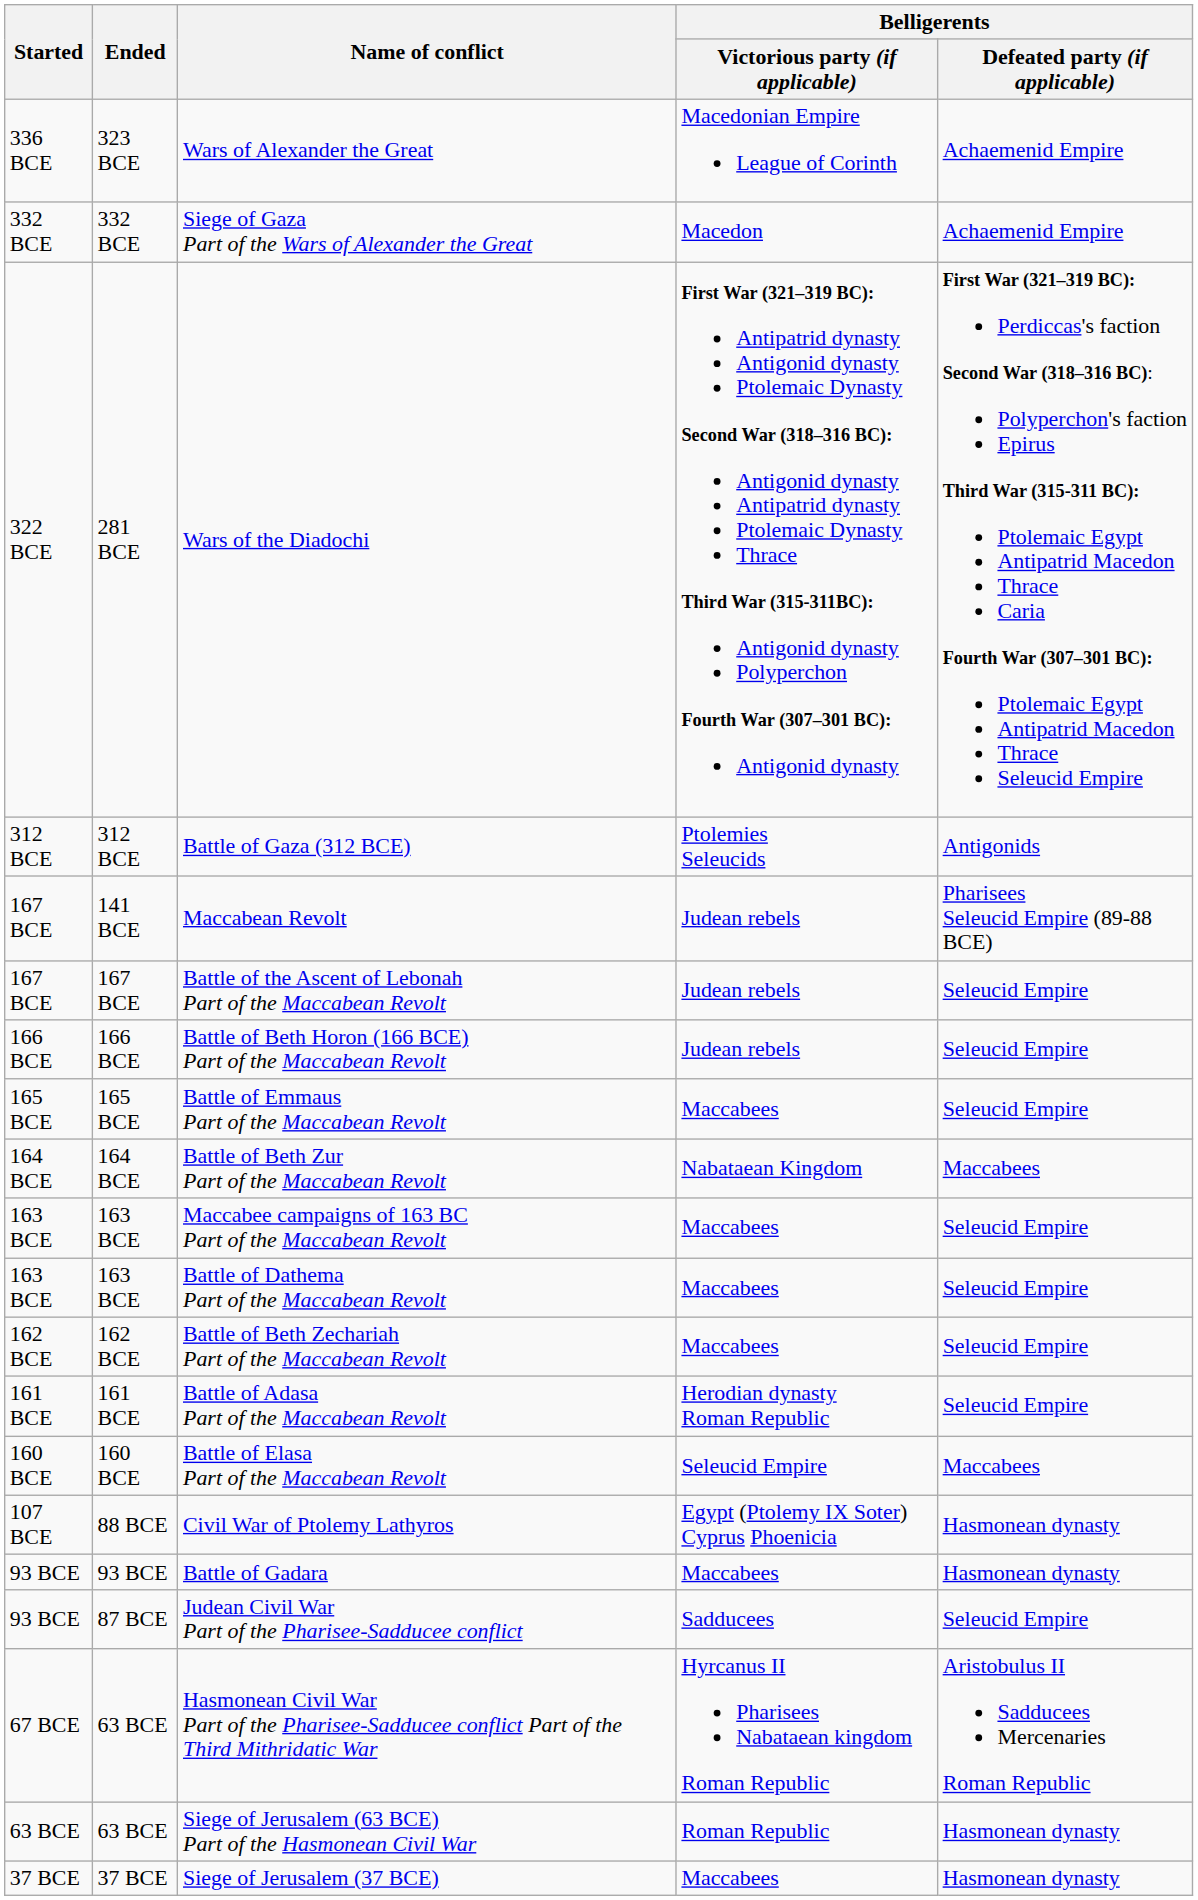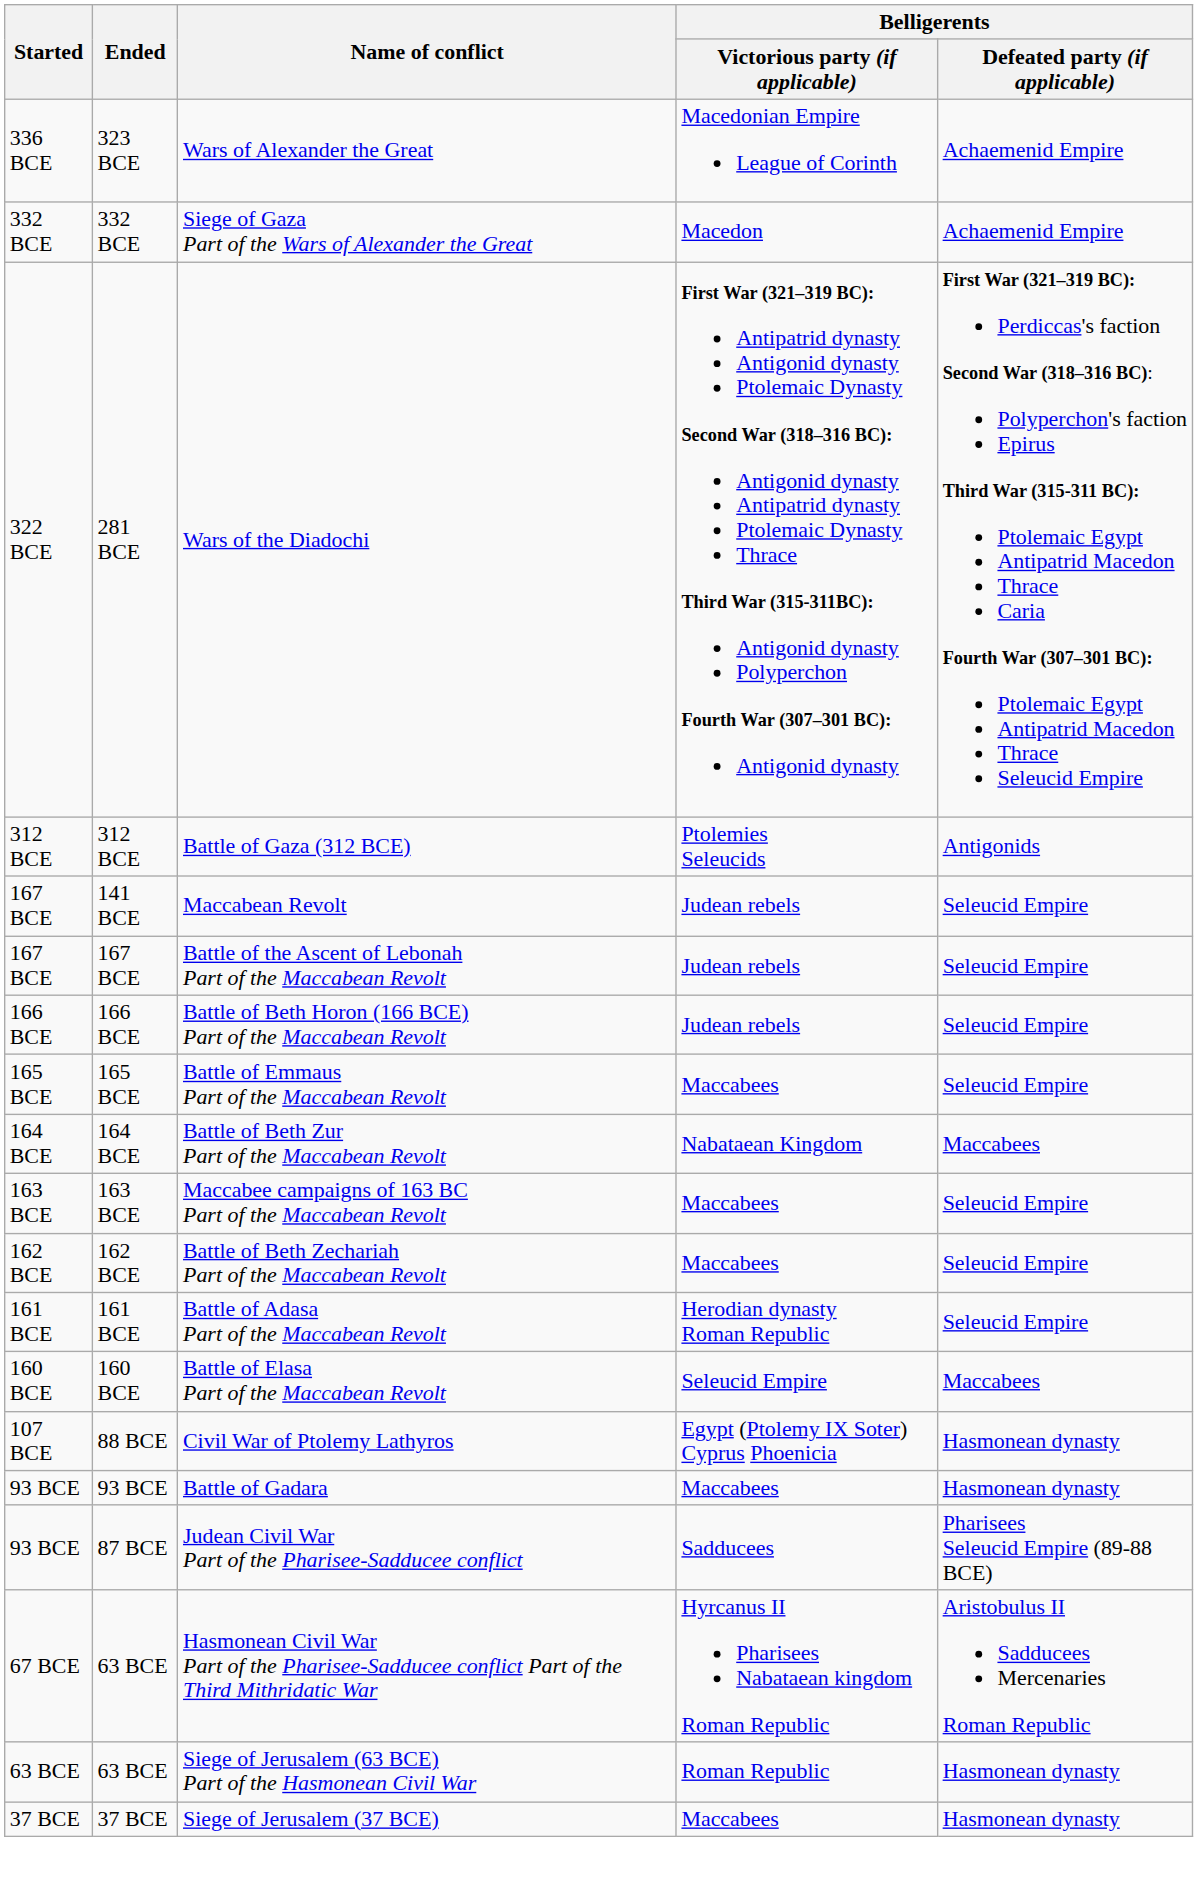 <table class="wikitable">
 <tr>
 <th rowspan="2">Started</th>
 <th rowspan="2">Ended</th>
 <th rowspan="2">Name of conflict</th>
 <th colspan="2">Belligerents</th>
 </tr>
 <tr>
 <th>Victorious party <em>(if applicable)</em></th>
 <th>Defeated party <em>(if applicable)</em></th>
 </tr>
 <tr>
 <td>336 BCE</td>
 <td>323 BCE</td>
 <td><a href='#'>Wars of Alexander the Great</a></td>
 <td><a href='#'>Macedonian Empire</a><br><ul><li><a href='#'>League of Corinth</a></li></ul></td>
 <td><a href='#'>Achaemenid Empire</a></td>
 </tr>
 <tr>
 <td>332 BCE</td>
 <td>332 BCE</td>
 <td><a href='#'>Siege of Gaza</a><br><em>Part of the <a href='#'>Wars of Alexander the Great</a></em></td>
 <td><a href='#'>Macedon</a></td>
 <td><a href='#'>Achaemenid Empire</a></td>
 </tr>
 <tr>
 <td>322 BCE</td>
 <td>281 BCE</td>
 <td><a href='#'>Wars of the Diadochi</a></td>
 <td><small><strong>First War (321–319 BC):</strong></small><br><ul><li><a href='#'>Antipatrid dynasty</a></li><li><a href='#'>Antigonid dynasty</a></li><li><a href='#'>Ptolemaic Dynasty</a></li></ul><small><strong>Second War (318–316 BC):</strong></small><ul><li><a href='#'>Antigonid dynasty</a></li><li><a href='#'>Antipatrid dynasty</a></li><li><a href='#'>Ptolemaic Dynasty</a></li><li><a href='#'>Thrace</a></li></ul><small><strong>Third War (315-311BC):</strong></small><ul><li><a href='#'>Antigonid dynasty</a></li><li><a href='#'>Polyperchon</a></li></ul><small><strong>Fourth War (307–301 BC):</strong></small><ul><li><a href='#'>Antigonid dynasty</a></li></ul></td>
 <td><small><strong>First War (321–319 BC):</strong></small><br><ul><li><a href='#'>Perdiccas</a>'s faction</li></ul><small><strong>Second War (318–316 BC)</strong>:</small><ul><li><a href='#'>Polyperchon</a>'s faction</li><li><a href='#'>Epirus</a></li></ul><small><strong>Third War (315-311 BC):</strong></small><ul><li><a href='#'>Ptolemaic Egypt</a></li><li><a href='#'>Antipatrid Macedon</a></li><li><a href='#'>Thrace</a></li><li><a href='#'>Caria</a></li></ul><small><strong>Fourth War (307–301 BC):</strong></small><ul><li><a href='#'>Ptolemaic Egypt</a></li><li><a href='#'>Antipatrid Macedon</a></li><li><a href='#'>Thrace</a></li><li><a href='#'>Seleucid Empire</a></li></ul></td>
 </tr>
 <tr>
 <td>312 BCE</td>
 <td>312 BCE</td>
 <td><a href='#'>Battle of Gaza (312 BCE)</a></td>
 <td><a href='#'>Ptolemies</a><br><a href='#'>Seleucids</a></td>
 <td><a href='#'>Antigonids</a></td>
 </tr>
 <tr>
 <td>167 BCE</td>
 <td>141 BCE</td>
 <td><a href='#'>Maccabean Revolt</a></td>
 <td><a href='#'>Judean rebels</a></td>
-<td><a href='#'>Pharisees</a><br><a href='#'>Seleucid Empire</a> (89-88 BCE)</td>
+<td><a href='#'>Seleucid Empire</a></td>
 </tr>
 <tr>
 <td>167 BCE</td>
 <td>167 BCE</td>
 <td><a href='#'>Battle of the Ascent of Lebonah</a><br><em>Part of the <a href='#'>Maccabean Revolt</a></em></td>
 <td><a href='#'>Judean rebels</a></td>
 <td><a href='#'>Seleucid Empire</a></td>
 </tr>
 <tr>
 <td>166 BCE</td>
 <td>166 BCE</td>
 <td><a href='#'>Battle of Beth Horon (166 BCE)</a><br><em>Part of the <a href='#'>Maccabean Revolt</a></em></td>
 <td><a href='#'>Judean rebels</a></td>
 <td><a href='#'>Seleucid Empire</a></td>
 </tr>
 <tr>
 <td>165 BCE</td>
 <td>165 BCE</td>
 <td><a href='#'>Battle of Emmaus</a><br><em>Part of the <a href='#'>Maccabean Revolt</a></em></td>
 <td><a href='#'>Maccabees</a></td>
 <td><a href='#'>Seleucid Empire</a></td>
 </tr>
 <tr>
 <td>164 BCE</td>
 <td>164 BCE</td>
 <td><a href='#'>Battle of Beth Zur</a><br><em>Part of the <a href='#'>Maccabean Revolt</a></em></td>
 <td><a href='#'>Nabataean Kingdom</a></td>
 <td><a href='#'>Maccabees</a></td>
 </tr>
 <tr>
 <td>163 BCE</td>
 <td>163 BCE</td>
 <td><a href='#'>Maccabee campaigns of 163 BC</a><br><em>Part of the <a href='#'>Maccabean Revolt</a></em></td>
-<td><a href='#'>Maccabees</a></td>
-<td><a href='#'>Seleucid Empire</a></td>
-</tr>
-<tr>
-<td>163 BCE</td>
-<td>163 BCE</td>
-<td><a href='#'>Battle of Dathema</a><br><em>Part of the <a href='#'>Maccabean Revolt</a></em></td>
 <td><a href='#'>Maccabees</a></td>
 <td><a href='#'>Seleucid Empire</a></td>
 </tr>
 <tr>
 <td>162 BCE</td>
 <td>162 BCE</td>
 <td><a href='#'>Battle of Beth Zechariah</a><br><em>Part of the <a href='#'>Maccabean Revolt</a></em></td>
 <td><a href='#'>Maccabees</a></td>
 <td><a href='#'>Seleucid Empire</a></td>
 </tr>
 <tr>
 <td>161 BCE</td>
 <td>161 BCE</td>
 <td><a href='#'>Battle of Adasa</a><br><em>Part of the <a href='#'>Maccabean Revolt</a></em></td>
 <td><a href='#'>Herodian dynasty</a><br><a href='#'>Roman Republic</a></td>
 <td><a href='#'>Seleucid Empire</a></td>
 </tr>
 <tr>
 <td>160 BCE</td>
 <td>160 BCE</td>
 <td><a href='#'>Battle of Elasa</a><br><em>Part of the <a href='#'>Maccabean Revolt</a></em></td>
 <td><a href='#'>Seleucid Empire</a></td>
 <td><a href='#'>Maccabees</a></td>
 </tr>
 <tr>
 <td>107 BCE</td>
 <td>88 BCE</td>
 <td><a href='#'>Civil War of Ptolemy Lathyros</a></td>
 <td><a href='#'>Egypt</a> (<a href='#'>Ptolemy IX Soter</a>)<br><a href='#'>Cyprus</a> <a href='#'>Phoenicia</a></td>
 <td><a href='#'>Hasmonean dynasty</a></td>
 </tr>
 <tr>
 <td>93 BCE</td>
 <td>93 BCE</td>
 <td><a href='#'>Battle of Gadara</a></td>
 <td><a href='#'>Maccabees</a></td>
 <td><a href='#'>Hasmonean dynasty</a></td>
 </tr>
 <tr>
 <td>93 BCE</td>
 <td>87 BCE</td>
 <td><a href='#'>Judean Civil War</a><br><em>Part of the <a href='#'>Pharisee-Sadducee conflict</a></em></td>
 <td><a href='#'>Sadducees</a></td>
-<td><a href='#'>Seleucid Empire</a></td>
+<td><a href='#'>Pharisees</a><br><a href='#'>Seleucid Empire</a> (89-88 BCE)</td>
 </tr>
 <tr>
 <td>67 BCE</td>
 <td>63 BCE</td>
 <td><a href='#'>Hasmonean Civil War</a><br><em>Part of the <a href='#'>Pharisee-Sadducee conflict</a></em> <em>Part of the <a href='#'>Third Mithridatic War</a></em></td>
 <td><a href='#'>Hyrcanus II</a><br><ul><li><a href='#'>Pharisees</a></li><li><a href='#'>Nabataean kingdom</a></li></ul> <a href='#'>Roman Republic</a></td>
 <td><a href='#'>Aristobulus II</a><br><ul><li><a href='#'>Sadducees</a></li><li>Mercenaries</li></ul> <a href='#'>Roman Republic</a></td>
 </tr>
 <tr>
 <td>63 BCE</td>
 <td>63 BCE</td>
 <td><a href='#'>Siege of Jerusalem (63 BCE)</a><br><em>Part of the <a href='#'>Hasmonean Civil War</a></em></td>
 <td><a href='#'>Roman Republic</a></td>
 <td><a href='#'>Hasmonean dynasty</a></td>
 </tr>
 <tr>
 <td>37 BCE</td>
 <td>37 BCE</td>
 <td><a href='#'>Siege of Jerusalem (37 BCE)</a></td>
 <td><a href='#'>Maccabees</a></td>
 <td><a href='#'>Hasmonean dynasty</a></td>
 </tr>
 </table>
